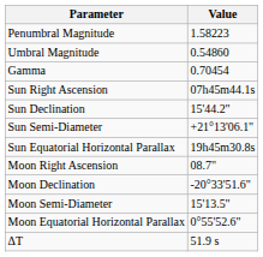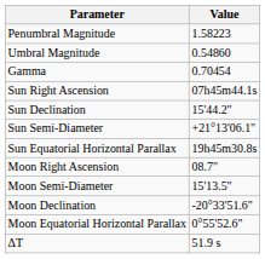 <table class="wikitable">
 <tr>
 <th>Parameter</th>
 <th>Value</th>
 </tr>
 <tr>
 <td>Penumbral Magnitude</td>
 <td>1.58223</td>
 </tr>
 <tr>
 <td>Umbral Magnitude</td>
 <td>0.54860</td>
 </tr>
 <tr>
 <td>Gamma</td>
 <td>0.70454</td>
 </tr>
 <tr>
 <td>Sun Right Ascension</td>
 <td>07h45m44.1s</td>
 </tr>
 <tr>
 <td>Sun Declination</td>
 <td>15'44.2"</td>
 </tr>
 <tr>
 <td>Sun Semi-Diameter</td>
 <td>+21°13'06.1"</td>
 </tr>
 <tr>
 <td>Sun Equatorial Horizontal Parallax</td>
 <td>19h45m30.8s</td>
 </tr>
 <tr>
 <td>Moon Right Ascension</td>
 <td>08.7"</td>
 </tr>
 <tr>
+<td>Moon Semi-Diameter</td>
+<td>15'13.5"</td>
+</tr>
+<tr>
 <td>Moon Declination</td>
 <td>-20°33'51.6"</td>
-</tr>
-<tr>
-<td>Moon Semi-Diameter</td>
-<td>15'13.5"</td>
 </tr>
 <tr>
 <td>Moon Equatorial Horizontal Parallax</td>
 <td>0°55'52.6"</td>
 </tr>
 <tr>
 <td>ΔT</td>
 <td>51.9 s</td>
 </tr>
 </table>
